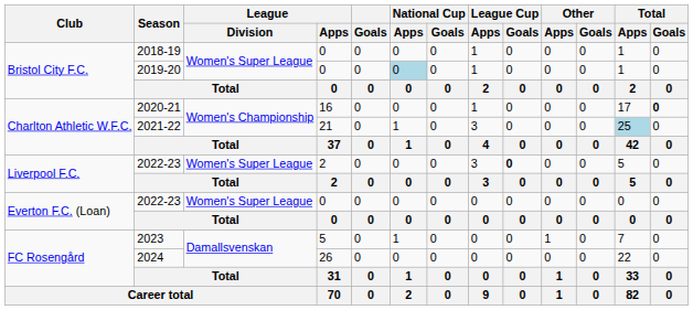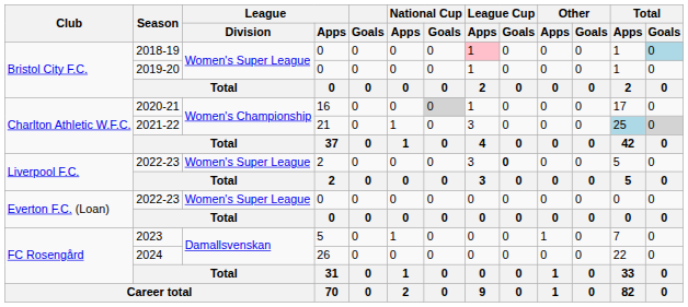 <table class="wikitable">
 <tr>
 <th rowspan="2">Club</th>
 <th rowspan="2">Season</th>
 <th colspan="2">League</th>
 <th></th>
 <th colspan="2">National Cup</th>
 <th colspan="2">League Cup</th>
 <th colspan="2">Other</th>
 <th colspan="2">Total</th>
 </tr>
 <tr>
 <th>Division</th>
 <th>Apps</th>
 <th>Goals</th>
 <th>Apps</th>
 <th>Goals</th>
 <th>Apps</th>
 <th>Goals</th>
 <th>Apps</th>
 <th>Goals</th>
 <th>Apps</th>
 <th>Goals</th>
 </tr>
 <tr>
 <td rowspan="3"><a href='#'>Bristol City F.C.</a></td>
 <td>2018-19</td>
 <td rowspan="2"><a href='#'>Women's Super League</a></td>
 <td>0</td>
 <td>0</td>
 <td>0</td>
 <td>0</td>
-<td>1</td>
+<td style="background: pink;">1</td>
 <td>0</td>
 <td>0</td>
 <td>0</td>
 <td>1</td>
-<td>0</td>
+<td style="background: lightblue;">0</td>
 </tr>
 <tr>
 <td>2019-20</td>
 <td>0</td>
 <td>0</td>
-<td style="background: lightblue;">0</td>
+<td>0</td>
 <td>0</td>
 <td>1</td>
 <td>0</td>
 <td>0</td>
 <td>0</td>
 <td>1</td>
 <td>0</td>
 </tr>
 <tr>
 <th colspan="2">Total</th>
 <th>0</th>
 <th>0</th>
 <th>0</th>
 <th>0</th>
 <th>2</th>
 <th>0</th>
 <th>0</th>
 <th>0</th>
 <th>2</th>
 <th>0</th>
 </tr>
 <tr>
 <td rowspan="3"><a href='#'>Charlton Athletic W.F.C.</a></td>
 <td>2020-21</td>
 <td rowspan="2"><a href='#'>Women's Championship</a></td>
 <td>16</td>
 <td>0</td>
 <td>0</td>
-<td>0</td>
+<td style="background: lightgrey;">0</td>
 <td>1</td>
 <td>0</td>
 <td>0</td>
 <td>0</td>
 <td>17</td>
-<td><strong>0</strong></td>
+<td>0</td>
 </tr>
 <tr>
 <td>2021-22</td>
 <td>21</td>
 <td>0</td>
 <td>1</td>
 <td>0</td>
 <td>3</td>
 <td>0</td>
 <td>0</td>
 <td>0</td>
 <td style="background: lightblue;">25</td>
-<td>0</td>
+<td style="background: lightgrey;">0</td>
 </tr>
 <tr>
 <th colspan="2">Total</th>
 <th>37</th>
 <th>0</th>
 <th>1</th>
 <th>0</th>
 <th>4</th>
 <th>0</th>
 <th>0</th>
 <th>0</th>
 <th>42</th>
 <th>0</th>
 </tr>
 <tr>
 <td rowspan="2"><a href='#'>Liverpool F.C.</a></td>
 <td>2022-23</td>
 <td><a href='#'>Women's Super League</a></td>
 <td>2</td>
 <td>0</td>
 <td>0</td>
 <td>0</td>
 <td>3</td>
 <td><strong>0</strong></td>
 <td>0</td>
 <td>0</td>
 <td>5</td>
 <td>0</td>
 </tr>
 <tr>
 <th colspan="2">Total</th>
 <th>2</th>
 <th>0</th>
 <th>0</th>
 <th>0</th>
 <th>3</th>
 <th>0</th>
 <th>0</th>
 <th>0</th>
 <th>5</th>
 <th>0</th>
 </tr>
 <tr>
 <td rowspan="2"><a href='#'>Everton F.C.</a> (Loan)</td>
 <td>2022-23</td>
 <td><a href='#'>Women's Super League</a></td>
 <td>0</td>
 <td>0</td>
 <td>0</td>
 <td>0</td>
 <td>0</td>
 <td>0</td>
 <td>0</td>
 <td>0</td>
 <td>0</td>
 <td>0</td>
 </tr>
 <tr>
 <th colspan="2">Total</th>
 <th>0</th>
 <th>0</th>
 <th>0</th>
 <th>0</th>
 <th>0</th>
 <th>0</th>
 <th>0</th>
 <th>0</th>
 <th>0</th>
 <th>0</th>
 </tr>
 <tr>
 <td rowspan="3"><a href='#'>FC Rosengård</a></td>
 <td>2023</td>
 <td rowspan="2"><a href='#'>Damallsvenskan</a></td>
 <td>5</td>
 <td>0</td>
 <td>1</td>
 <td>0</td>
 <td>0</td>
 <td>0</td>
 <td>1</td>
 <td>0</td>
 <td>7</td>
 <td>0</td>
 </tr>
 <tr>
 <td>2024</td>
 <td>26</td>
 <td>0</td>
 <td>0</td>
 <td>0</td>
 <td>0</td>
 <td>0</td>
 <td>0</td>
 <td>0</td>
 <td>22</td>
 <td>0</td>
 </tr>
 <tr>
 <th colspan="2">Total</th>
 <th>31</th>
 <th>0</th>
 <th>1</th>
 <th>0</th>
 <th>0</th>
 <th>0</th>
 <th>1</th>
 <th>0</th>
 <th>33</th>
 <th>0</th>
 </tr>
 <tr>
 <th colspan="3">Career total</th>
 <th>70</th>
 <th>0</th>
 <th>2</th>
 <th>0</th>
 <th>9</th>
 <th>0</th>
 <th>1</th>
 <th>0</th>
 <th>82</th>
 <th>0</th>
 </tr>
 </table>
